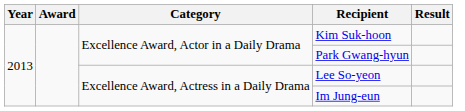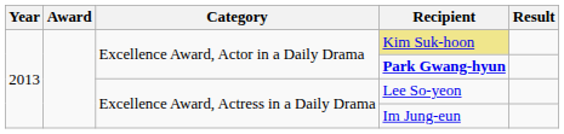 <table class="wikitable">
 <tr>
 <th>Year</th>
 <th>Award</th>
 <th>Category</th>
 <th>Recipient</th>
 <th>Result</th>
 </tr>
 <tr>
 <td rowspan=4>2013</td>
 <td rowspan=4></td>
 <td rowspan=2>Excellence Award, Actor in a Daily Drama</td>
-<td><a href='#'>Kim Suk-hoon</a></td>
+<td style="background: khaki;"><a href='#'>Kim Suk-hoon</a></td>
 <td></td>
 </tr>
 <tr>
-<td><a href='#'>Park Gwang-hyun</a></td>
+<td><strong><a href='#'>Park Gwang-hyun</a></strong></td>
 <td></td>
 </tr>
 <tr>
 <td rowspan=2>Excellence Award, Actress in a Daily Drama</td>
 <td><a href='#'>Lee So-yeon</a></td>
 <td></td>
 </tr>
 <tr>
 <td><a href='#'>Im Jung-eun</a></td>
 <td></td>
 </tr>
 </table>
